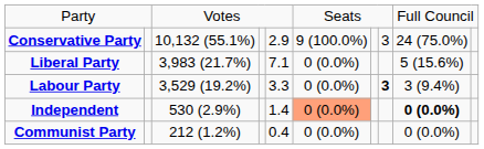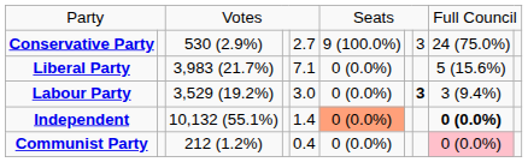 <table class=wikitable style="text-align:center;">
 <tr>
 <td colspan=2>Party</td>
 <td colspan=3>Votes</td>
 <td colspan=3>Seats</td>
 <td colspan=3>Full Council</td>
 </tr>
 <tr>
 <td><strong><a href='#'>Conservative Party</a></strong></td>
 <td style="background:"></td>
-<td>10,132 (55.1%)</td>
+<td>530 (2.9%)</td>
 <td></td>
-<td> 2.9</td>
+<td> 2.7</td>
 <td>9 (100.0%)</td>
 <td></td>
 <td> 3</td>
 <td>24 (75.0%)</td>
 <td></td>
 </tr>
 <tr>
 <td><strong><a href='#'>Liberal Party</a></strong></td>
 <td style="background:"></td>
 <td>3,983 (21.7%)</td>
 <td></td>
 <td> 7.1</td>
 <td>0 (0.0%)</td>
 <td></td>
 <td></td>
 <td>5 (15.6%)</td>
 <td></td>
 </tr>
 <tr>
 <td><strong><a href='#'>Labour Party</a></strong></td>
 <td style="background:"></td>
 <td>3,529 (19.2%)</td>
 <td></td>
-<td> 3.3</td>
+<td> 3.0</td>
 <td>0 (0.0%)</td>
 <td></td>
 <td><strong> 3</strong></td>
 <td>3 (9.4%)</td>
 <td></td>
 </tr>
 <tr>
 <td><strong><a href='#'>Independent</a></strong></td>
 <td style="background:"></td>
-<td>530 (2.9%)</td>
+<td>10,132 (55.1%)</td>
 <td></td>
 <td> 1.4</td>
 <td style="background: lightsalmon;">0 (0.0%)</td>
 <td></td>
 <td></td>
 <td><strong>0 (0.0%)</strong></td>
 <td></td>
 </tr>
 <tr>
 <td><strong><a href='#'>Communist Party</a></strong></td>
 <td style="background:"></td>
 <td>212 (1.2%)</td>
 <td></td>
 <td> 0.4</td>
 <td>0 (0.0%)</td>
 <td></td>
 <td></td>
-<td>0 (0.0%)</td>
+<td style="background: pink;">0 (0.0%)</td>
 <td></td>
 </tr>
 </table>
